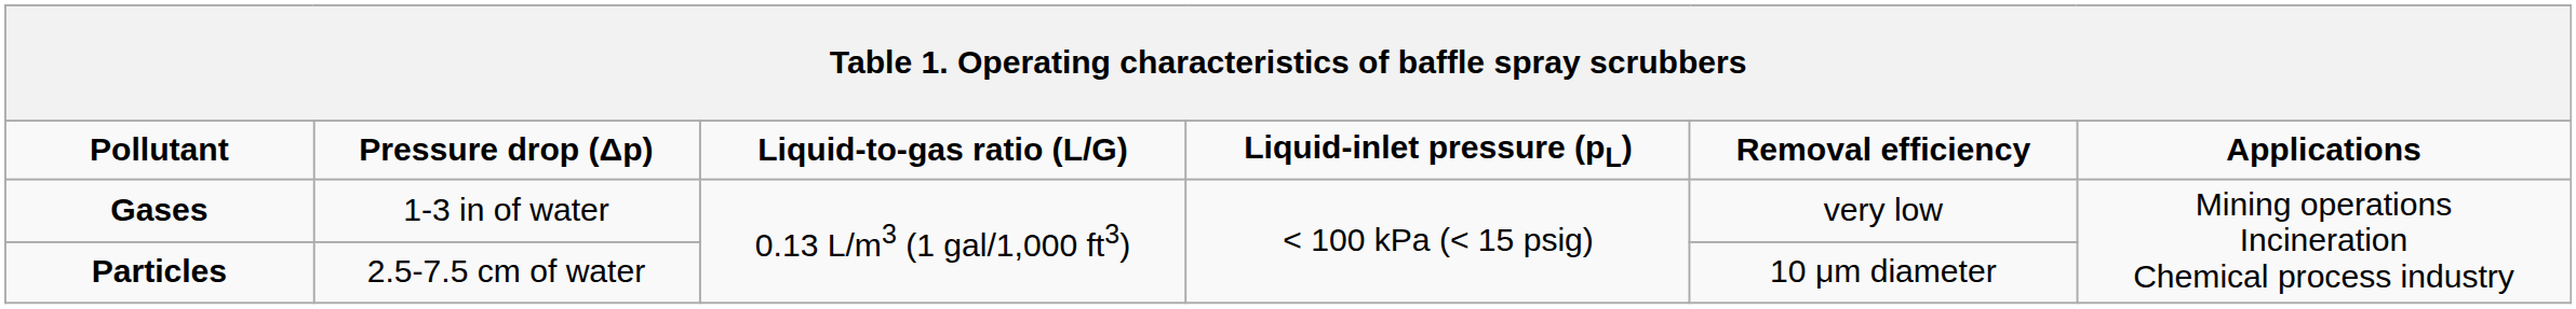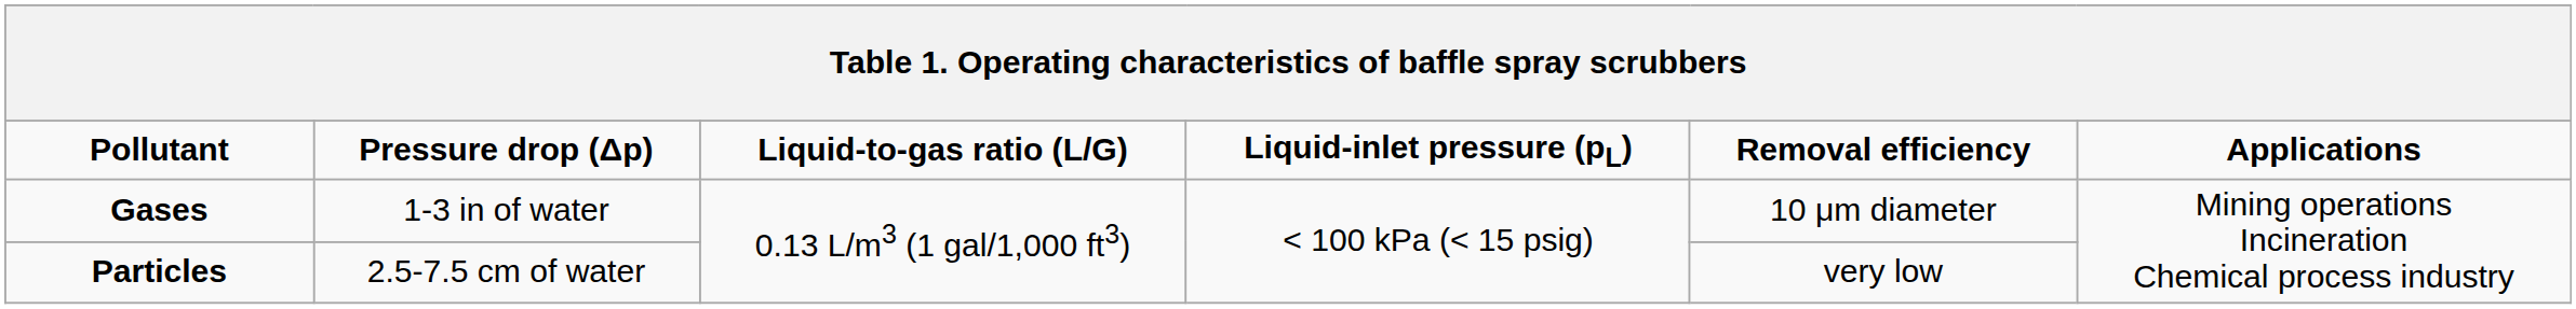 <table class="wikitable" style="width:100%; align:center; cellpadding:4">
 <tr>
 <th colspan="6" style="height:50px; align:center">Table 1. Operating characteristics of baffle spray scrubbers</th>
 </tr>
 <tr>
 <td align="center" width="12%"><strong>Pollutant</strong></td>
 <td align="center"><strong>Pressure drop (Δp)</strong></td>
 <td align="center"><strong>Liquid-to-gas ratio (L/G)</strong></td>
 <td align="center"><strong>Liquid-inlet pressure (p<sub>L</sub>)</strong></td>
 <td align="center"><strong>Removal efficiency</strong></td>
 <td align="center"><strong>Applications</strong></td>
 </tr>
 <tr>
 <td align="center" width="12%"><strong>Gases</strong></td>
 <td align="center">1-3 in of water</td>
 <td align="center" rowspan="2">0.13 L/m<sup>3</sup> (1 gal/1,000 ft<sup>3</sup>)</td>
 <td align="center" rowspan="2">< 100 kPa (< 15 psig)</td>
-<td align="center">very low</td>
+<td align="center">10 μm diameter</td>
 <td align="center" rowspan="2">Mining operations<br>Incineration<br>Chemical process industry</td>
 </tr>
 <tr>
 <td align="center" width="12%"><strong>Particles</strong></td>
 <td align="center">2.5-7.5 cm of water</td>
-<td align="center">10 μm diameter</td>
+<td align="center">very low</td>
 </tr>
 </table>
